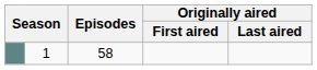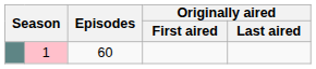 <table class="wikitable plainrowheaders" style="text-align:center;">
 <tr>
 <th scope="col" style="padding:0 8px;" rowspan="2" colspan="2">Season</th>
 <th scope="col" style="padding:0 8px;" rowspan="2">Еpisodes</th>
 <th scope="col" style="padding:0 40px;" colspan="2">Originally aired</th>
 </tr>
 <tr>
 <th scope="col">First aired</th>
 <th scope="col">Last aired</th>
 </tr>
 <tr>
 <td scope="row" style="background:#5E8585; color:#100;"></td>
-<td>1</td>
-<td>58</td>
+<td style="background: pink;">1</td>
+<td>60</td>
 <td></td>
 <td></td>
 </tr>
 </table>
